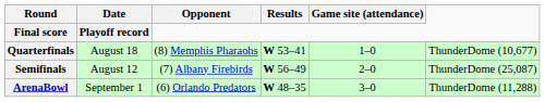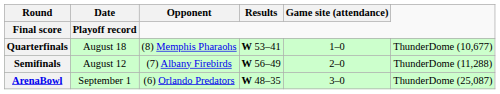 <table class="wikitable" style="font-size: 92%;" "align=center">
 <tr>
 <th>Round</th>
 <th>Date</th>
 <th>Opponent</th>
 <th>Results</th>
 <th>Game site (attendance)</th>
 </tr>
 <tr>
 <th>Final score</th>
 <th>Playoff record</th>
 </tr>
 <tr style="background:#cfc">
 <th>Quarterfinals</th>
 <td style="text-align:center;">August 18</td>
 <td style="text-align:center;">(8) <a href='#'>Memphis Pharaohs</a></td>
 <td style="text-align:center;"><strong>W</strong> 53–41</td>
 <td style="text-align:center;">1–0</td>
 <td style="text-align:center;">ThunderDome (10,677)</td>
 </tr>
 <tr style="background:#cfc">
 <th>Semifinals</th>
 <td style="text-align:center;">August 12</td>
 <td style="text-align:center;">(7) <a href='#'>Albany Firebirds</a></td>
 <td style="text-align:center;"><strong>W</strong> 56–49</td>
 <td style="text-align:center;">2–0</td>
-<td style="text-align:center;">ThunderDome (25,087)</td>
+<td style="text-align:center;">ThunderDome (11,288)</td>
 </tr>
 <tr style="background:#cfc">
 <th><a href='#'>ArenaBowl</a></th>
 <td style="text-align:center;">September 1</td>
 <td style="text-align:center;">(6) <a href='#'>Orlando Predators</a></td>
 <td style="text-align:center;"><strong>W</strong> 48–35</td>
 <td style="text-align:center;">3–0</td>
-<td style="text-align:center;">ThunderDome (11,288)</td>
+<td style="text-align:center;">ThunderDome (25,087)</td>
 </tr>
 </table>
